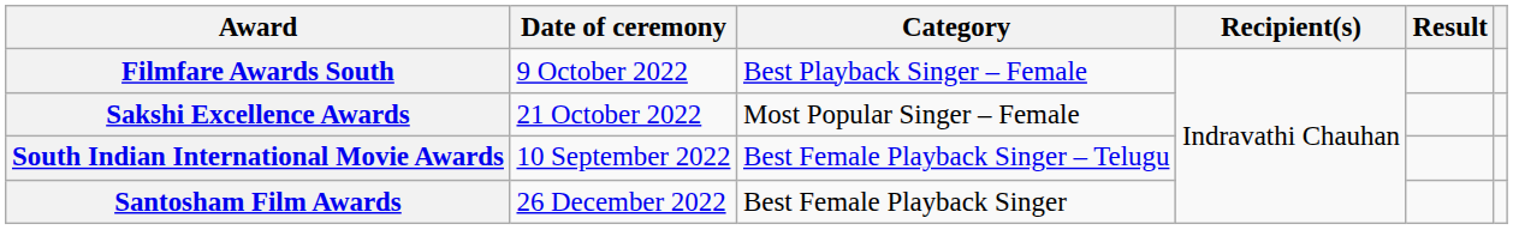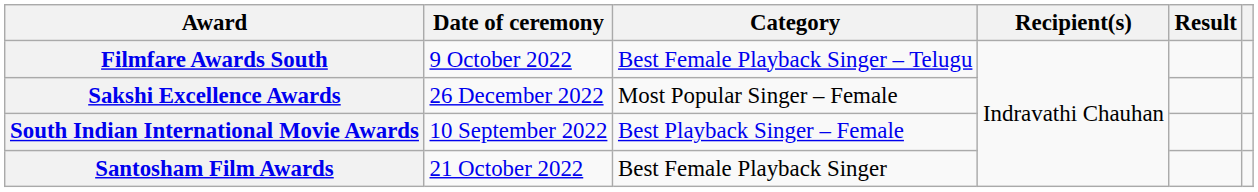 <table class="wikitable sortable plainrowheaders">
 <tr>
 <th scope="col">Award</th>
 <th scope="col">Date of ceremony</th>
 <th scope="col">Category</th>
 <th scope="col">Recipient(s)</th>
 <th scope="col">Result</th>
 <th scope="col" class="unsortable"></th>
 </tr>
 <tr>
 <th scope="row"><a href='#'>Filmfare Awards South</a></th>
 <td><a href='#'>9 October 2022</a></td>
-<td><a href='#'>Best Playback Singer – Female</a></td>
+<td><a href='#'>Best Female Playback Singer – Telugu</a></td>
 <td rowspan="4">Indravathi Chauhan</td>
 <td></td>
 <td></td>
 </tr>
 <tr>
 <th scope="row"><a href='#'>Sakshi Excellence Awards</a></th>
-<td><a href='#'>21 October 2022</a></td>
+<td><a href='#'>26 December 2022</a></td>
 <td>Most Popular Singer – Female</td>
 <td></td>
 <td></td>
 </tr>
 <tr>
 <th scope="row"><a href='#'>South Indian International Movie Awards</a></th>
 <td><a href='#'>10 September 2022</a></td>
-<td><a href='#'>Best Female Playback Singer – Telugu</a></td>
+<td><a href='#'>Best Playback Singer – Female</a></td>
 <td></td>
 <td></td>
 </tr>
 <tr>
 <th scope="row"><a href='#'>Santosham Film Awards</a></th>
-<td><a href='#'>26 December 2022</a></td>
+<td><a href='#'>21 October 2022</a></td>
 <td>Best Female Playback Singer</td>
 <td></td>
 <td></td>
 </tr>
 </table>
